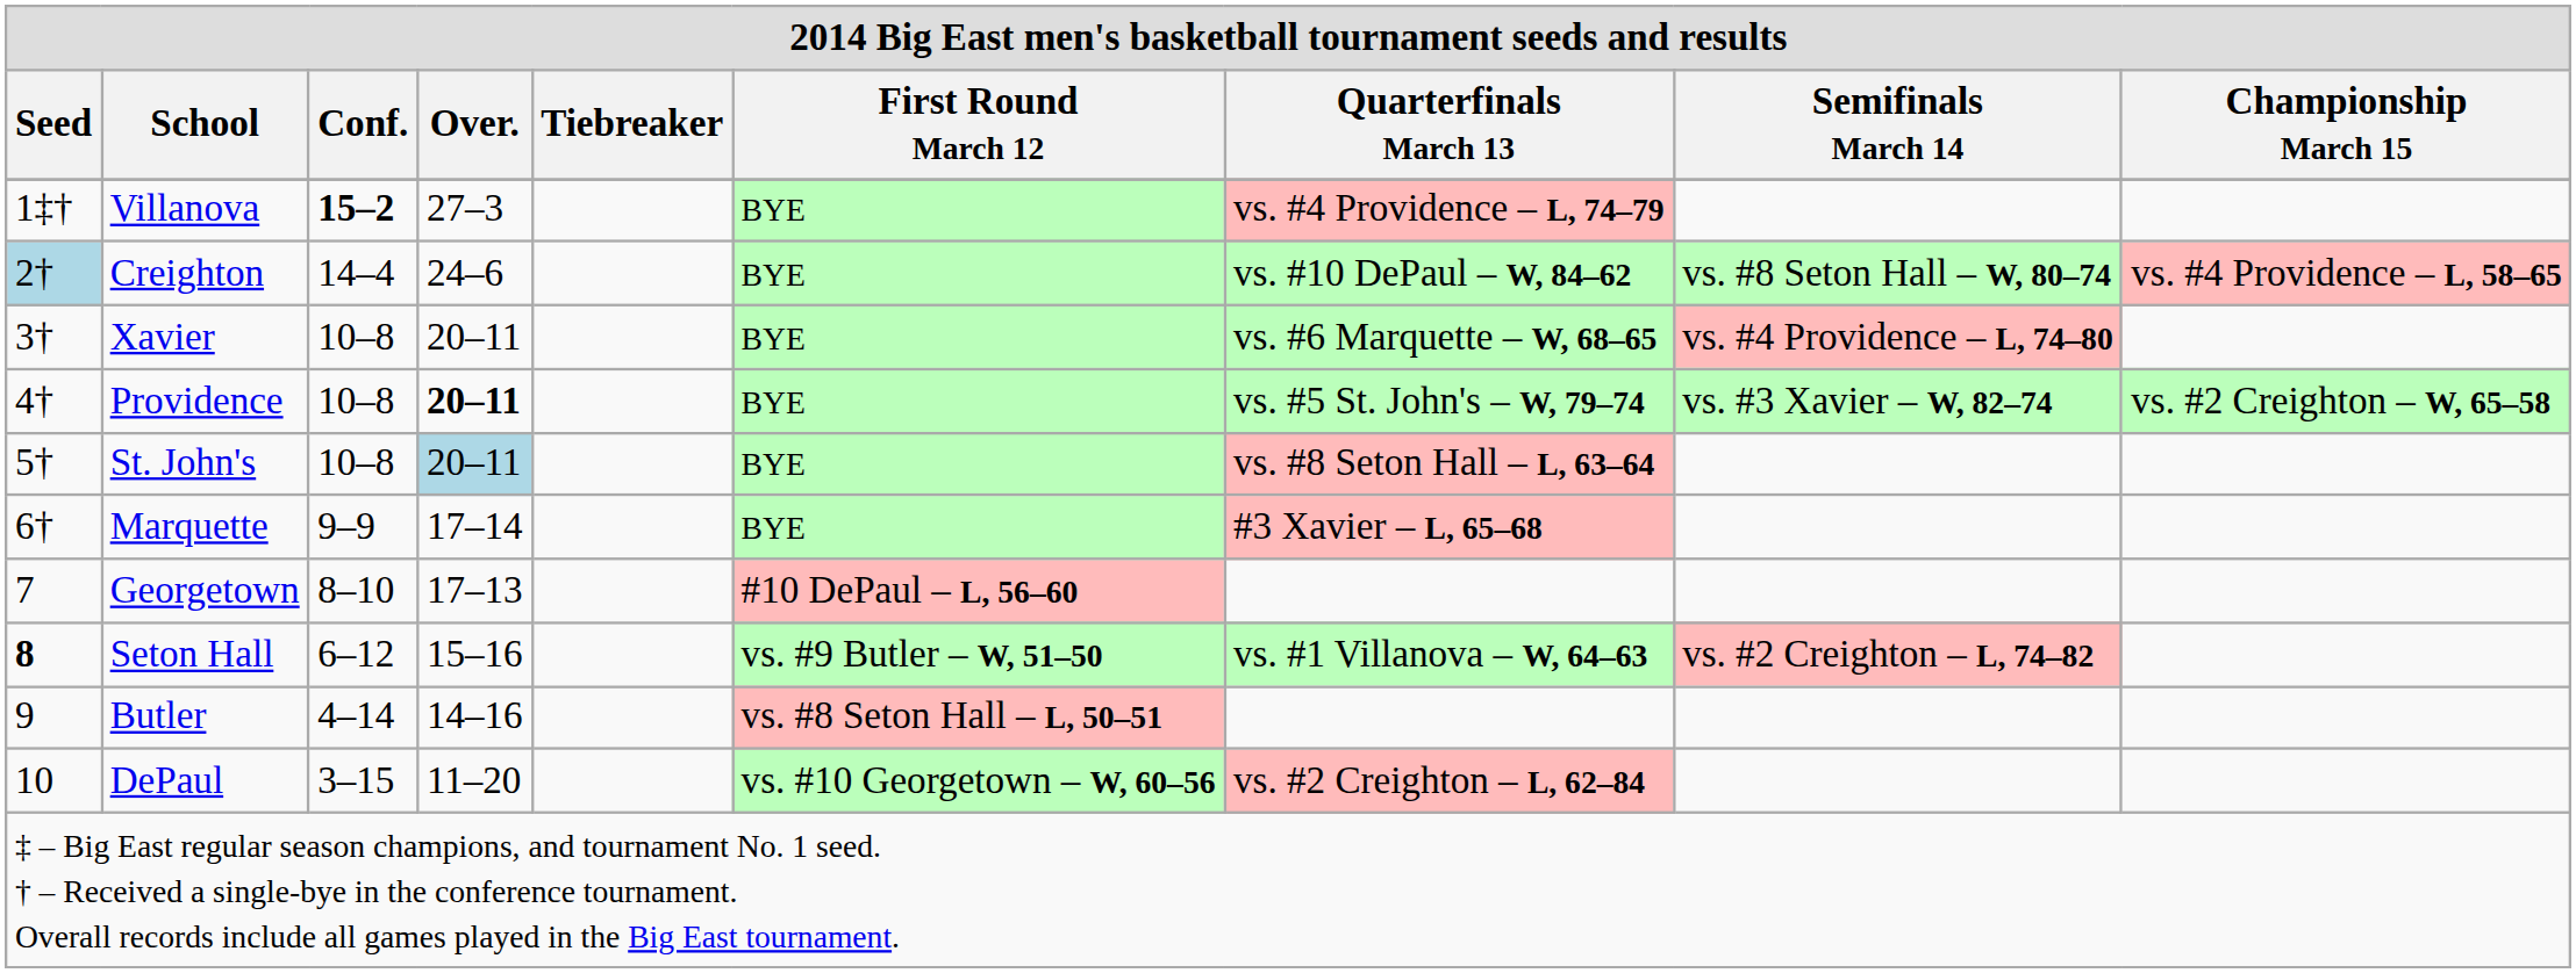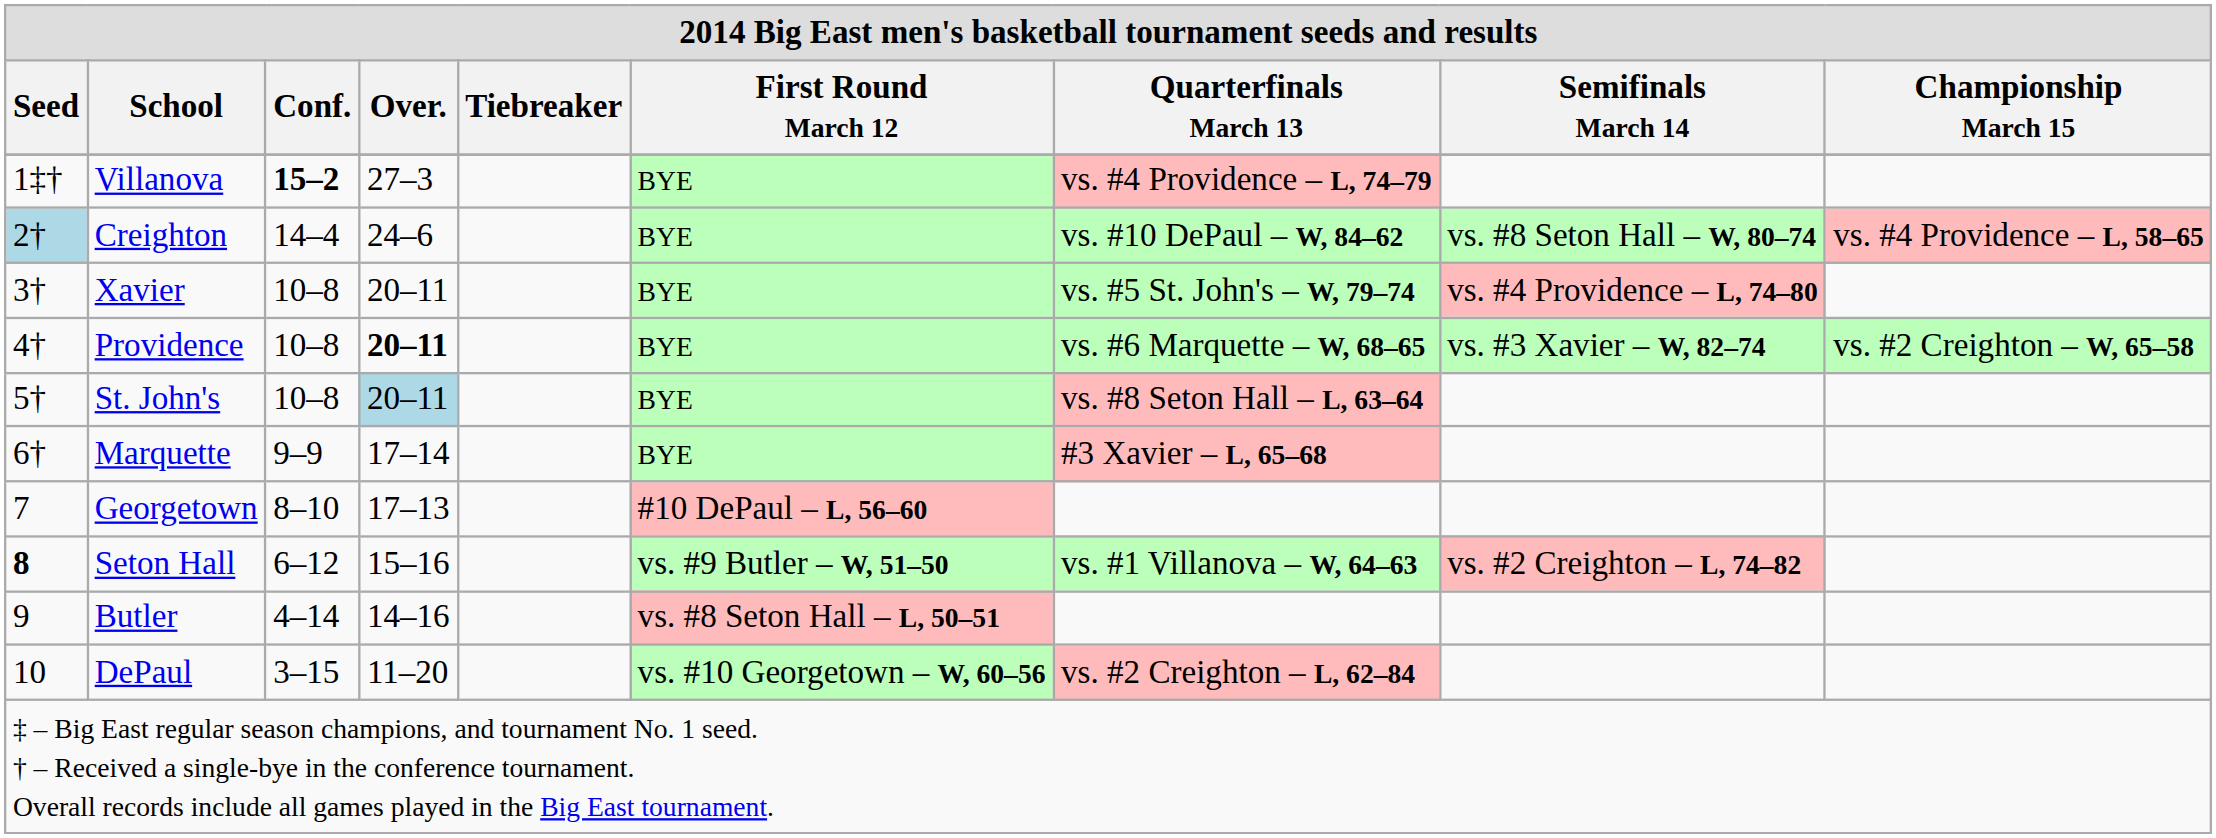 <table class="wikitable" style="white-space:nowrap; font-size:90%;">
 <tr>
 <td colspan="10" style="text-align:center; background:#DDDDDD; font:#000000"><strong>2014 Big East men's basketball tournament seeds and results</strong></td>
 </tr>
 <tr bgcolor="#efefef">
 <th>Seed</th>
 <th>School</th>
 <th>Conf.</th>
 <th>Over.</th>
 <th>Tiebreaker</th>
 <th>First Round<br><small>March 12</small></th>
 <th>Quarterfinals<br><small>March 13</small></th>
 <th>Semifinals<br><small>March 14</small></th>
 <th>Championship<br><small>March 15</small></th>
 </tr>
 <tr>
 </tr>
 <tr>
 <td>1‡†</td>
 <td align=left><a href='#'>Villanova</a></td>
 <td><strong>15–2</strong></td>
 <td>27–3</td>
 <td></td>
 <td style="background:#bfb;"><small>BYE</small></td>
 <td style="background:#fbb;">vs. #4 Providence – <small><strong>L, 74–79</strong></small></td>
 <td></td>
 <td></td>
 </tr>
 <tr>
 <td style="background: lightblue;">2†</td>
 <td align=left><a href='#'>Creighton</a></td>
 <td>14–4</td>
 <td>24–6</td>
 <td></td>
 <td style="background:#bfb;"><small>BYE</small></td>
 <td style="background:#bfb;">vs. #10 DePaul – <small><strong>W, 84–62</strong></small></td>
 <td style="background:#bfb;">vs. #8 Seton Hall – <small><strong>W, 80–74</strong></small></td>
 <td style="background:#fbb;">vs. #4 Providence – <small><strong>L, 58–65</strong></small></td>
 </tr>
 <tr>
 <td>3†</td>
 <td align=left><a href='#'>Xavier</a></td>
 <td>10–8</td>
 <td>20–11</td>
 <td></td>
 <td style="background:#bfb;"><small>BYE</small></td>
-<td style="background:#bfb;">vs. #6 Marquette – <small><strong>W, 68–65</strong></small></td>
+<td style="background:#bfb;">vs. #5 St. John's – <small><strong>W, 79–74</strong></small></td>
 <td style="background:#fbb;">vs. #4 Providence – <small><strong>L, 74–80</strong></small></td>
 <td></td>
 </tr>
 <tr>
 <td>4†</td>
 <td align=left><a href='#'>Providence</a></td>
 <td>10–8</td>
 <td><strong>20–11</strong></td>
 <td></td>
 <td style="background:#bfb;"><small>BYE</small></td>
-<td style="background:#bfb;">vs. #5 St. John's – <small><strong>W, 79–74</strong></small></td>
+<td style="background:#bfb;">vs. #6 Marquette – <small><strong>W, 68–65</strong></small></td>
 <td style="background:#bfb;">vs. #3 Xavier – <small><strong>W, 82–74</strong></small></td>
 <td style="background:#bfb;">vs. #2 Creighton – <small><strong>W, 65–58</strong></small></td>
 </tr>
 <tr>
 <td>5†</td>
 <td align=left><a href='#'>St. John's</a></td>
 <td>10–8</td>
 <td style="background: lightblue;">20–11</td>
 <td></td>
 <td style="background:#bfb;"><small>BYE</small></td>
 <td style="background:#fbb;">vs. #8 Seton Hall – <small><strong>L, 63–64</strong></small></td>
 <td></td>
 <td></td>
 </tr>
 <tr>
 <td>6†</td>
 <td align=left><a href='#'>Marquette</a></td>
 <td>9–9</td>
 <td>17–14</td>
 <td></td>
 <td style="background:#bfb;"><small>BYE</small></td>
 <td style="background:#fbb;">#3 Xavier – <small><strong>L, 65–68</strong></small></td>
 <td></td>
 <td></td>
 </tr>
 <tr>
 <td>7</td>
 <td align=left><a href='#'>Georgetown</a></td>
 <td>8–10</td>
 <td>17–13</td>
 <td></td>
 <td style="background:#fbb;">#10 DePaul – <small><strong>L, 56–60</strong></small></td>
 <td></td>
 <td></td>
 <td></td>
 </tr>
 <tr>
 <td><strong>8</strong></td>
 <td align=left><a href='#'>Seton Hall</a></td>
 <td>6–12</td>
 <td>15–16</td>
 <td></td>
 <td style="background:#bfb;">vs. #9 Butler – <small><strong>W, 51–50</strong></small></td>
 <td style="background:#bfb;">vs. #1 Villanova – <small><strong>W, 64–63</strong></small></td>
 <td style="background:#fbb;">vs. #2 Creighton – <small><strong>L, 74–82</strong></small></td>
 <td></td>
 </tr>
 <tr>
 <td>9</td>
 <td align=left><a href='#'>Butler</a></td>
 <td>4–14</td>
 <td>14–16</td>
 <td></td>
 <td style="background:#fbb;">vs. #8 Seton Hall – <small><strong>L, 50–51</strong></small></td>
 <td></td>
 <td></td>
 <td></td>
 </tr>
 <tr>
 <td>10</td>
 <td align=left><a href='#'>DePaul</a></td>
 <td>3–15</td>
 <td>11–20</td>
 <td></td>
 <td style="background:#bfb;">vs. #10 Georgetown – <small><strong>W, 60–56</strong></small></td>
 <td style="background:#fbb;">vs. #2 Creighton – <small><strong>L, 62–84</strong></small></td>
 <td></td>
 <td></td>
 </tr>
 <tr>
 <td colspan="10" style="text-align:left;"><small>‡ – Big East regular season champions, and tournament No. 1 seed.<br>† – Received a single-bye in the conference tournament.<br>Overall records include all games played in the <a href='#'>Big East tournament</a>.</small></td>
 </tr>
 <tr>
 </tr>
 </table>
